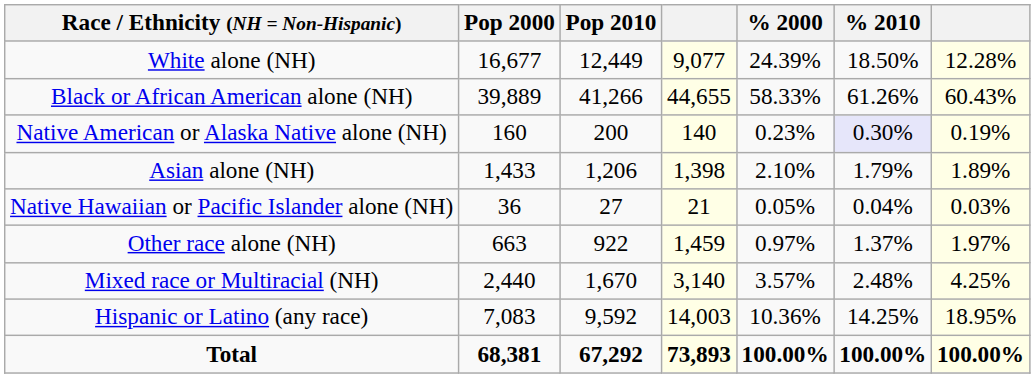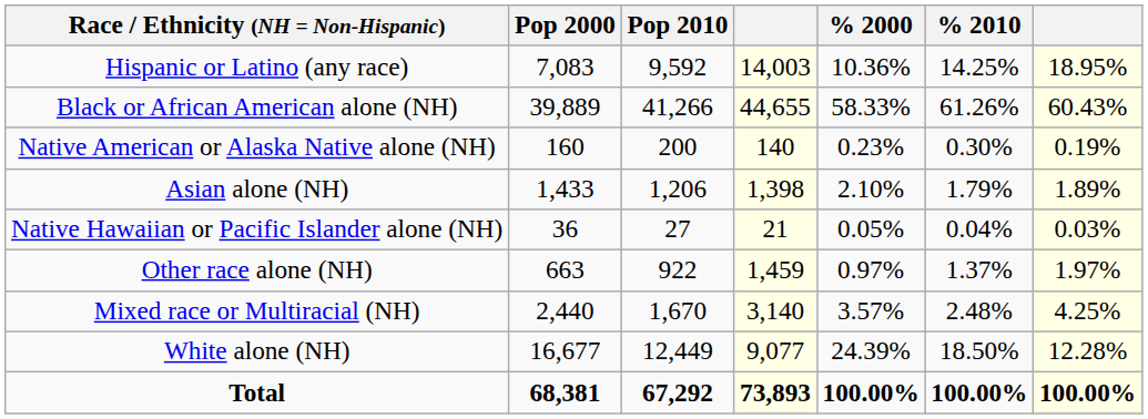 <table class="wikitable" style="text-align:center;">
 <tr>
 <th>Race / Ethnicity <small>(<em>NH = Non-Hispanic</em>)</small></th>
 <th>Pop 2000</th>
 <th>Pop 2010</th>
 <th></th>
 <th>% 2000</th>
 <th>% 2010</th>
 <th></th>
 </tr>
 <tr>
-<td><a href='#'>White</a> alone (NH)</td>
-<td>16,677</td>
-<td>12,449</td>
-<td style='background: #ffffe6;'>9,077</td>
-<td>24.39%</td>
-<td>18.50%</td>
-<td style='background: #ffffe6;'>12.28%</td>
+<td><a href='#'>Hispanic or Latino</a> (any race)</td>
+<td>7,083</td>
+<td>9,592</td>
+<td style='background: #ffffe6;'>14,003</td>
+<td>10.36%</td>
+<td>14.25%</td>
+<td style='background: #ffffe6;'>18.95%</td>
 </tr>
 <tr>
 <td><a href='#'>Black or African American</a> alone (NH)</td>
 <td>39,889</td>
 <td>41,266</td>
 <td style='background: #ffffe6;'>44,655</td>
 <td>58.33%</td>
 <td>61.26%</td>
 <td style='background: #ffffe6;'>60.43%</td>
 </tr>
 <tr>
 <td><a href='#'>Native American</a> or <a href='#'>Alaska Native</a> alone (NH)</td>
 <td>160</td>
 <td>200</td>
 <td style='background: #ffffe6;'>140</td>
 <td>0.23%</td>
-<td style="background: lavender;">0.30%</td>
+<td>0.30%</td>
 <td style='background: #ffffe6;'>0.19%</td>
 </tr>
 <tr>
 <td><a href='#'>Asian</a> alone (NH)</td>
 <td>1,433</td>
 <td>1,206</td>
 <td style='background: #ffffe6;'>1,398</td>
 <td>2.10%</td>
 <td>1.79%</td>
 <td style='background: #ffffe6;'>1.89%</td>
 </tr>
 <tr>
 <td><a href='#'>Native Hawaiian</a> or <a href='#'>Pacific Islander</a> alone (NH)</td>
 <td>36</td>
 <td>27</td>
 <td style='background: #ffffe6;'>21</td>
 <td>0.05%</td>
 <td>0.04%</td>
 <td style='background: #ffffe6;'>0.03%</td>
 </tr>
 <tr>
 <td><a href='#'>Other race</a> alone (NH)</td>
 <td>663</td>
 <td>922</td>
 <td style='background: #ffffe6;'>1,459</td>
 <td>0.97%</td>
 <td>1.37%</td>
 <td style='background: #ffffe6;'>1.97%</td>
 </tr>
 <tr>
 <td><a href='#'>Mixed race or Multiracial</a> (NH)</td>
 <td>2,440</td>
 <td>1,670</td>
 <td style='background: #ffffe6;'>3,140</td>
 <td>3.57%</td>
 <td>2.48%</td>
 <td style='background: #ffffe6;'>4.25%</td>
 </tr>
 <tr>
-<td><a href='#'>Hispanic or Latino</a> (any race)</td>
-<td>7,083</td>
-<td>9,592</td>
-<td style='background: #ffffe6;'>14,003</td>
-<td>10.36%</td>
-<td>14.25%</td>
-<td style='background: #ffffe6;'>18.95%</td>
+<td><a href='#'>White</a> alone (NH)</td>
+<td>16,677</td>
+<td>12,449</td>
+<td style='background: #ffffe6;'>9,077</td>
+<td>24.39%</td>
+<td>18.50%</td>
+<td style='background: #ffffe6;'>12.28%</td>
 </tr>
 <tr>
 <td><strong>Total</strong></td>
 <td><strong>68,381</strong></td>
 <td><strong>67,292</strong></td>
 <td style='background: #ffffe6;'><strong>73,893</strong></td>
 <td><strong>100.00%</strong></td>
 <td><strong>100.00%</strong></td>
 <td style='background: #ffffe6;'><strong>100.00%</strong></td>
 </tr>
 </table>
